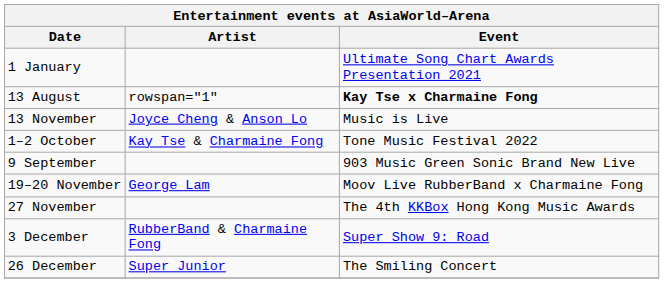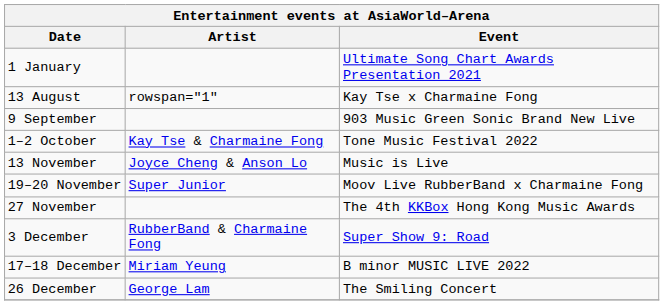 <table class="wikitable">
 <tr>
 <th colspan="3">Entertainment events at AsiaWorld–Arena</th>
 </tr>
 <tr>
 <th width=110>Date</th>
 <th width=200>Artist</th>
 <th width=300>Event</th>
 </tr>
 <tr>
 <td>1 January</td>
 <td></td>
 <td><a href='#'>Ultimate Song Chart Awards Presentation 2021</a></td>
 </tr>
 <tr>
 <td>13 August</td>
 <td>rowspan="1" </td>
-<td><strong>Kay Tse x Charmaine Fong</strong></td>
+<td>Kay Tse x Charmaine Fong</td>
+</tr>
+<tr>
+<td>9 September</td>
+<td></td>
+<td>903 Music Green Sonic Brand New Live</td>
+</tr>
+<tr>
+<td>1–2 October</td>
+<td><a href='#'>Kay Tse</a> & <a href='#'>Charmaine Fong</a></td>
+<td>Tone Music Festival 2022</td>
 </tr>
 <tr>
 <td>13 November</td>
 <td><a href='#'>Joyce Cheng</a> & <a href='#'>Anson Lo</a></td>
 <td>Music is Live </td>
 </tr>
 <tr>
-<td>1–2 October</td>
-<td><a href='#'>Kay Tse</a> & <a href='#'>Charmaine Fong</a></td>
-<td>Tone Music Festival 2022</td>
-</tr>
-<tr>
-<td>9 September</td>
-<td></td>
-<td>903 Music Green Sonic Brand New Live</td>
-</tr>
-<tr>
 <td>19–20 November</td>
-<td rowspan="1"><a href='#'>George Lam</a></td>
+<td><a href='#'>Super Junior</a></td>
 <td>Moov Live RubberBand x Charmaine Fong</td>
 </tr>
 <tr>
 <td>27 November</td>
 <td></td>
 <td>The 4th <a href='#'>KKBox</a> Hong Kong Music Awards </td>
 </tr>
 <tr>
 <td>3 December</td>
 <td><a href='#'>RubberBand</a> & <a href='#'>Charmaine Fong</a></td>
 <td><a href='#'>Super Show 9: Road</a></td>
 </tr>
 <tr>
+<td>17–18 December</td>
+<td><a href='#'>Miriam Yeung</a></td>
+<td>B minor MUSIC LIVE 2022</td>
+</tr>
+<tr>
 <td>26 December</td>
-<td><a href='#'>Super Junior</a></td>
+<td rowspan="1"><a href='#'>George Lam</a></td>
 <td rowspan="1">The Smiling Concert</td>
 </tr>
 <tr>
 </tr>
 </table>
